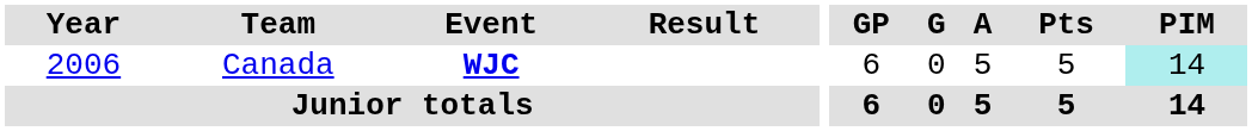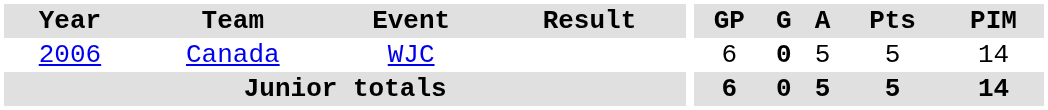 <table border="0" cellpadding="1" cellspacing="0" ID="Table3" style="text-align:center; width:40em">
 <tr ALIGN="center" bgcolor="#e0e0e0">
 <th>Year</th>
 <th>Team</th>
 <th>Event</th>
 <th>Result</th>
 <th rowspan="99" bgcolor="#ffffff"></th>
 <th>GP</th>
 <th>G</th>
 <th>A</th>
 <th>Pts</th>
 <th>PIM</th>
 </tr>
 <tr>
 <td><a href='#'>2006</a></td>
 <td><a href='#'>Canada</a></td>
-<td><strong><a href='#'>WJC</a></strong></td>
+<td><a href='#'>WJC</a></td>
 <td></td>
 <td>6</td>
-<td>0</td>
+<td><strong>0</strong></td>
 <td>5</td>
 <td>5</td>
-<td style="background: paleturquoise;">14</td>
+<td>14</td>
 </tr>
 <tr bgcolor="#e0e0e0">
 <th colspan=4>Junior totals</th>
 <th>6</th>
 <th>0</th>
 <th>5</th>
 <th>5</th>
 <th>14</th>
 </tr>
 </table>
